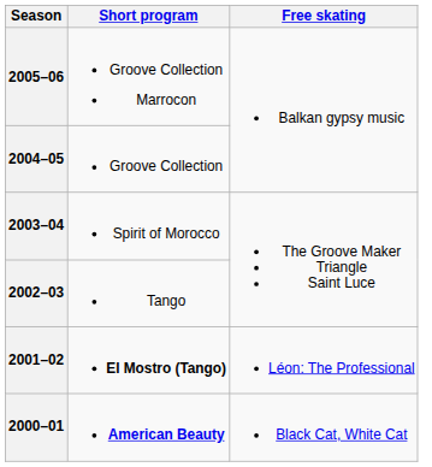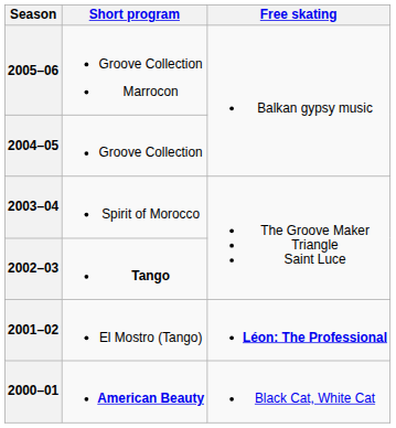 <table class=wikitable style=text-align:center>
 <tr>
 <th>Season</th>
 <th><a href='#'>Short program</a></th>
 <th><a href='#'>Free skating</a></th>
 </tr>
 <tr>
 <th>2005–06 <br> </th>
 <td><br><ul><li>Groove Collection <br></li></ul><ul><li>Marrocon <br></li></ul></td>
 <td rowspan=2><br><ul><li>Balkan gypsy music <br></li></ul></td>
 </tr>
 <tr>
 <th>2004–05 <br> </th>
 <td><br><ul><li>Groove Collection <br></li></ul></td>
 </tr>
 <tr>
 <th>2003–04 <br> </th>
 <td><br><ul><li>Spirit of Morocco</li></ul></td>
 <td rowspan=2><br><ul><li>The Groove Maker <br></li><li>Triangle <br></li><li>Saint Luce <br></li></ul></td>
 </tr>
 <tr>
 <th>2002–03 <br> </th>
-<td><br><ul><li>Tango <br></li></ul></td>
+<td><strong><br><ul><li>Tango <br></li></ul></strong></td>
 </tr>
 <tr>
 <th>2001–02 <br> </th>
-<td><strong><br><ul><li>El Mostro (Tango) <br></li></ul></strong></td>
-<td><br><ul><li><a href='#'>Léon: The Professional</a> <br></li></ul></td>
+<td><br><ul><li>El Mostro (Tango) <br></li></ul></td>
+<td><strong><br><ul><li><a href='#'>Léon: The Professional</a> <br></li></ul></strong></td>
 </tr>
 <tr>
 <th>2000–01 <br> </th>
 <td><strong><br><ul><li><a href='#'>American Beauty</a> <br></li></ul></strong></td>
 <td><br><ul><li><a href='#'>Black Cat, White Cat</a> <br></li></ul></td>
 </tr>
 </table>
